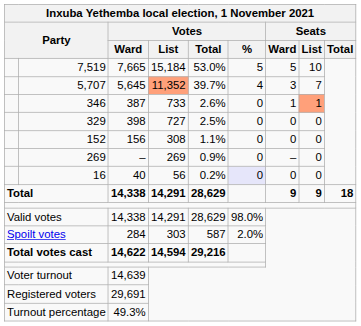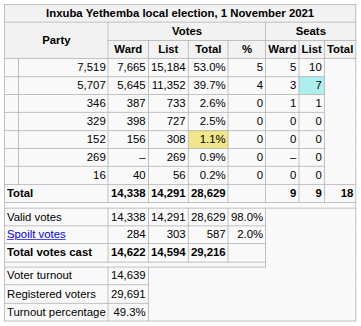 <table class=wikitable style="text-align:right">
 <tr>
 <th colspan="9" align="center">Inxuba Yethemba local election, 1 November 2021</th>
 </tr>
 <tr>
 <th rowspan="2" colspan="2">Party</th>
 <th colspan="4" align="center">Votes</th>
 <th colspan="3" align="center">Seats</th>
 </tr>
 <tr>
 <th>Ward</th>
 <th>List</th>
 <th>Total</th>
 <th>%</th>
 <th>Ward</th>
 <th>List</th>
 <th>Total</th>
 </tr>
 <tr>
 <td></td>
 <td>7,519</td>
 <td>7,665</td>
 <td>15,184</td>
 <td>53.0%</td>
 <td>5</td>
 <td>5</td>
 <td>10</td>
 </tr>
 <tr>
 <td></td>
 <td>5,707</td>
 <td>5,645</td>
-<td style="background: lightsalmon;">11,352</td>
+<td>11,352</td>
 <td>39.7%</td>
 <td>4</td>
 <td>3</td>
-<td>7</td>
+<td style="background: paleturquoise;">7</td>
 </tr>
 <tr>
 <td></td>
 <td>346</td>
 <td>387</td>
 <td>733</td>
 <td>2.6%</td>
 <td>0</td>
 <td>1</td>
-<td style="background: lightsalmon;">1</td>
+<td>1</td>
 </tr>
 <tr>
 <td></td>
 <td>329</td>
 <td>398</td>
 <td>727</td>
 <td>2.5%</td>
 <td>0</td>
 <td>0</td>
 <td>0</td>
 </tr>
 <tr>
 <td></td>
 <td>152</td>
 <td>156</td>
 <td>308</td>
-<td>1.1%</td>
+<td style="background: khaki;">1.1%</td>
 <td>0</td>
 <td>0</td>
 <td>0</td>
 </tr>
 <tr>
 <td></td>
 <td>269</td>
 <td>–</td>
 <td>269</td>
 <td>0.9%</td>
 <td>0</td>
 <td>–</td>
 <td>0</td>
 </tr>
 <tr>
 <td></td>
 <td>16</td>
 <td>40</td>
 <td>56</td>
 <td>0.2%</td>
-<td style="background: lavender;">0</td>
+<td>0</td>
 <td>0</td>
 <td>0</td>
 </tr>
 <tr>
 <td colspan="2" style="text-align:left"><strong>Total</strong></td>
 <td><strong>14,338</strong></td>
 <td><strong>14,291</strong></td>
 <td><strong>28,629</strong></td>
 <td></td>
 <td><strong>9</strong></td>
 <td><strong>9</strong></td>
 <td><strong>18</strong></td>
 </tr>
 <tr>
 <td colspan="9"></td>
 </tr>
 <tr>
 <td colspan="2" style="text-align:left">Valid votes</td>
 <td>14,338</td>
 <td>14,291</td>
 <td>28,629</td>
 <td>98.0%</td>
 </tr>
 <tr>
 <td colspan="2" style="text-align:left"><a href='#'>Spoilt votes</a></td>
 <td>284</td>
 <td>303</td>
 <td>587</td>
 <td>2.0%</td>
 </tr>
 <tr>
 <td colspan="2" style="text-align:left"><strong>Total votes cast</strong></td>
 <td><strong>14,622</strong></td>
 <td><strong>14,594</strong></td>
 <td><strong>29,216</strong></td>
 <td></td>
 </tr>
 <tr>
 <td colspan="6"></td>
 </tr>
 <tr>
 <td colspan="2" style="text-align:left">Voter turnout</td>
 <td>14,639</td>
 </tr>
 <tr>
 <td colspan="2" style="text-align:left">Registered voters</td>
 <td>29,691</td>
 </tr>
 <tr>
 <td colspan="2" style="text-align:left">Turnout percentage</td>
 <td>49.3%</td>
 </tr>
 </table>
